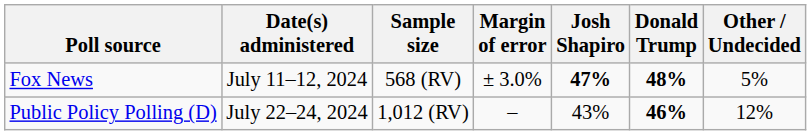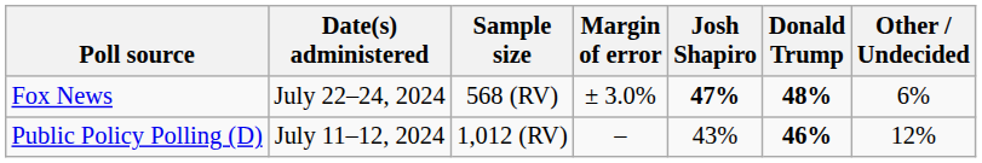 <table class="wikitable sortable mw-datatable" style="font-size:90%;text-align:center;line-height:17px">
 <tr style="vertical-align:bottom">
 <th>Poll source</th>
 <th>Date(s)<br>administered</th>
 <th>Sample<br>size</th>
 <th>Margin<br>of error</th>
 <th class="unsortable">Josh<br>Shapiro<br></th>
 <th class="unsortable">Donald<br>Trump<br></th>
 <th class="unsortable">Other /<br>Undecided</th>
 </tr>
 <tr>
 <td style="text-align:left;"><a href='#'>Fox News</a></td>
-<td data-sort-value="2024-07-22">July 11–12, 2024</td>
+<td data-sort-value="2024-07-26">July 22–24, 2024</td>
 <td>568 (RV)</td>
 <td>± 3.0%</td>
 <td><strong>47%</strong></td>
 <td style="background-color:"><strong>48%</strong></td>
-<td>5%</td>
+<td>6%</td>
 </tr>
 <tr>
 <td style="text-align:left;"><a href='#'>Public Policy Polling (D)</a></td>
-<td data-sort-value="2024-07-26">July 22–24, 2024</td>
+<td data-sort-value="2024-07-22">July 11–12, 2024</td>
 <td>1,012 (RV)</td>
 <td>–</td>
 <td>43%</td>
 <td style="background-color:"><strong>46%</strong></td>
 <td>12%</td>
 </tr>
 </table>
